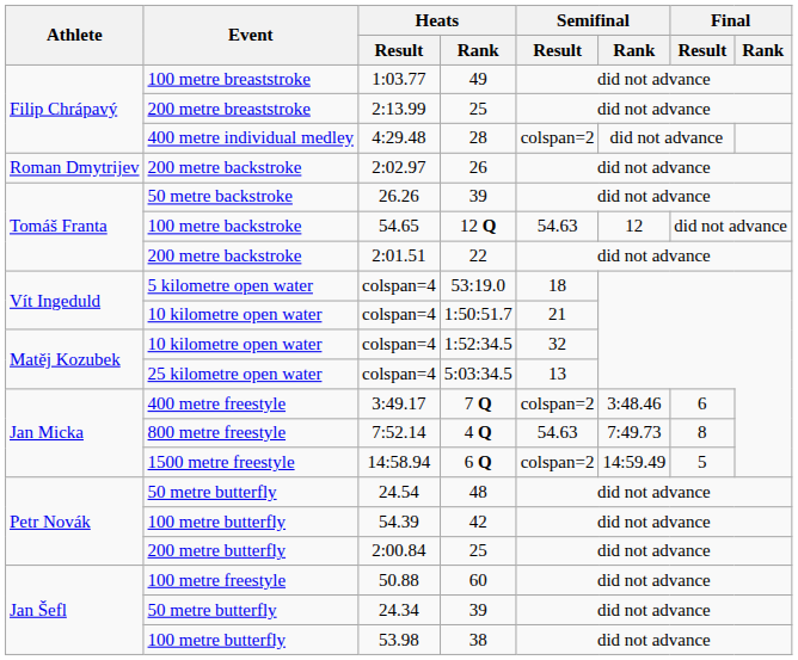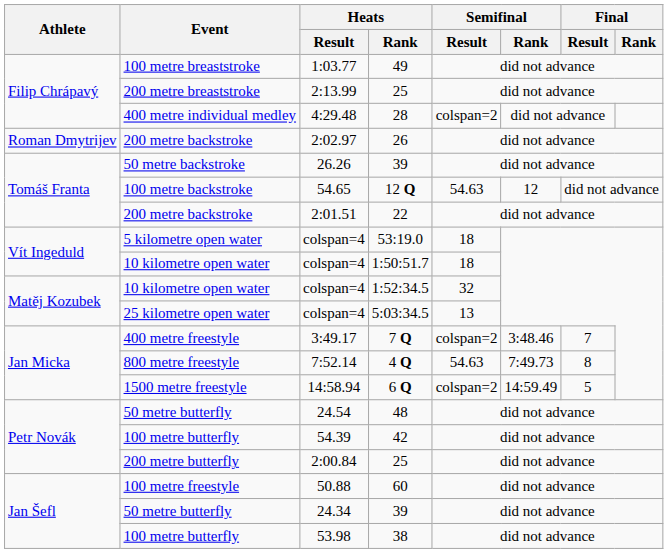 <table class="wikitable" border="1" style="font-size:90%; text-align:center">
 <tr>
 <th rowspan="2">Athlete</th>
 <th rowspan="2">Event</th>
 <th colspan="2">Heats</th>
 <th colspan="2">Semifinal</th>
 <th colspan="2">Final</th>
 </tr>
 <tr>
 <th>Result</th>
 <th>Rank</th>
 <th>Result</th>
 <th>Rank</th>
 <th>Result</th>
 <th>Rank</th>
 </tr>
 <tr>
 <td rowspan="3" align="left"><a href='#'>Filip Chrápavý</a></td>
 <td align="left"><a href='#'>100 metre breaststroke</a></td>
 <td>1:03.77</td>
 <td>49</td>
 <td colspan=4>did not advance</td>
 </tr>
 <tr>
 <td align="left"><a href='#'>200 metre breaststroke</a></td>
 <td>2:13.99</td>
 <td>25</td>
 <td colspan=4>did not advance</td>
 </tr>
 <tr>
 <td align="left"><a href='#'>400 metre individual medley</a></td>
 <td>4:29.48</td>
 <td>28</td>
 <td>colspan=2</td>
 <td colspan=2>did not advance</td>
 </tr>
 <tr>
 <td align="left"><a href='#'>Roman Dmytrijev</a></td>
 <td align="left"><a href='#'>200 metre backstroke</a></td>
 <td>2:02.97</td>
 <td>26</td>
 <td colspan=4>did not advance</td>
 </tr>
 <tr>
 <td rowspan="3" align="left"><a href='#'>Tomáš Franta</a></td>
 <td align="left"><a href='#'>50 metre backstroke</a></td>
 <td>26.26</td>
 <td>39</td>
 <td colspan=4>did not advance</td>
 </tr>
 <tr>
 <td align="left"><a href='#'>100 metre backstroke</a></td>
 <td>54.65</td>
 <td>12 <strong>Q</strong></td>
 <td>54.63</td>
 <td>12</td>
 <td colspan=2>did not advance</td>
 </tr>
 <tr>
 <td align="left"><a href='#'>200 metre backstroke</a></td>
 <td>2:01.51</td>
 <td>22</td>
 <td colspan=4>did not advance</td>
 </tr>
 <tr>
 <td rowspan="2" align="left"><a href='#'>Vít Ingeduld</a></td>
 <td align="left"><a href='#'>5 kilometre open water</a></td>
 <td>colspan=4</td>
 <td>53:19.0</td>
 <td>18</td>
 </tr>
 <tr>
 <td align="left"><a href='#'>10 kilometre open water</a></td>
 <td>colspan=4</td>
 <td>1:50:51.7</td>
-<td>21</td>
+<td>18</td>
 </tr>
 <tr>
 <td rowspan="2" align="left"><a href='#'>Matěj Kozubek</a></td>
 <td align="left"><a href='#'>10 kilometre open water</a></td>
 <td>colspan=4</td>
 <td>1:52:34.5</td>
 <td>32</td>
 </tr>
 <tr>
 <td align="left"><a href='#'>25 kilometre open water</a></td>
 <td>colspan=4</td>
 <td>5:03:34.5</td>
 <td>13</td>
 </tr>
 <tr>
 <td rowspan="3" align="left"><a href='#'>Jan Micka</a></td>
 <td align="left"><a href='#'>400 metre freestyle</a></td>
 <td>3:49.17</td>
 <td>7 <strong>Q</strong></td>
 <td>colspan=2</td>
 <td>3:48.46</td>
-<td>6</td>
+<td>7</td>
 </tr>
 <tr>
 <td align="left"><a href='#'>800 metre freestyle</a></td>
 <td>7:52.14</td>
 <td>4 <strong>Q</strong></td>
 <td>54.63</td>
 <td>7:49.73</td>
 <td>8</td>
 </tr>
 <tr>
 <td align="left"><a href='#'>1500 metre freestyle</a></td>
 <td>14:58.94</td>
 <td>6 <strong>Q</strong></td>
 <td>colspan=2</td>
 <td>14:59.49</td>
 <td>5</td>
 </tr>
 <tr>
 <td rowspan="3" align="left"><a href='#'>Petr Novák</a></td>
 <td align="left"><a href='#'>50 metre butterfly</a></td>
 <td>24.54</td>
 <td>48</td>
 <td colspan=4>did not advance</td>
 </tr>
 <tr>
 <td align="left"><a href='#'>100 metre butterfly</a></td>
 <td>54.39</td>
 <td>42</td>
 <td colspan=4>did not advance</td>
 </tr>
 <tr>
 <td align="left"><a href='#'>200 metre butterfly</a></td>
 <td>2:00.84</td>
 <td>25</td>
 <td colspan=4>did not advance</td>
 </tr>
 <tr>
 <td rowspan="3" align="left"><a href='#'>Jan Šefl</a></td>
 <td align="left"><a href='#'>100 metre freestyle</a></td>
 <td>50.88</td>
 <td>60</td>
 <td colspan=4>did not advance</td>
 </tr>
 <tr>
 <td align="left"><a href='#'>50 metre butterfly</a></td>
 <td>24.34</td>
 <td>39</td>
 <td colspan=4>did not advance</td>
 </tr>
 <tr>
 <td align="left"><a href='#'>100 metre butterfly</a></td>
 <td>53.98</td>
 <td>38</td>
 <td colspan=4>did not advance</td>
 </tr>
 </table>
